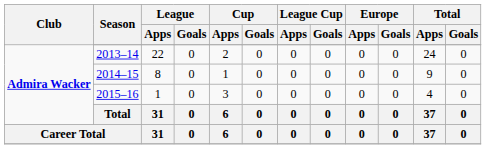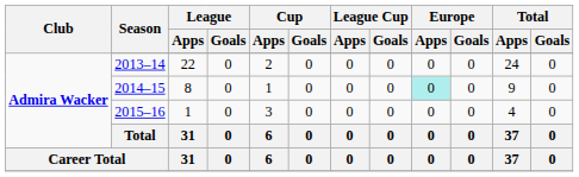 <table class="wikitable" style="font-size:90%; text-align: center;">
 <tr>
 <th rowspan="2">Club</th>
 <th rowspan="2">Season</th>
 <th colspan="2">League</th>
 <th colspan="2">Cup</th>
 <th colspan="2">League Cup</th>
 <th colspan="2">Europe</th>
 <th colspan="2">Total</th>
 </tr>
 <tr>
 <th>Apps</th>
 <th>Goals</th>
 <th>Apps</th>
 <th>Goals</th>
 <th>Apps</th>
 <th>Goals</th>
 <th>Apps</th>
 <th>Goals</th>
 <th>Apps</th>
 <th>Goals</th>
 </tr>
 <tr ||-||-||-|->
 <td rowspan="5" valign="center"><strong><a href='#'>Admira Wacker</a></strong></td>
 </tr>
 <tr>
 <td><a href='#'>2013–14</a></td>
 <td>22</td>
 <td>0</td>
 <td>2</td>
 <td>0</td>
 <td>0</td>
 <td>0</td>
 <td>0</td>
 <td>0</td>
 <td>24</td>
 <td>0</td>
 </tr>
 <tr>
 <td><a href='#'>2014–15</a></td>
 <td>8</td>
 <td>0</td>
 <td>1</td>
 <td>0</td>
 <td>0</td>
 <td>0</td>
-<td>0</td>
+<td style="background: paleturquoise;">0</td>
 <td>0</td>
 <td>9</td>
 <td>0</td>
 </tr>
 <tr>
 <td><a href='#'>2015–16</a></td>
 <td>1</td>
 <td>0</td>
 <td>3</td>
 <td>0</td>
 <td>0</td>
 <td>0</td>
 <td>0</td>
 <td>0</td>
 <td>4</td>
 <td>0</td>
 </tr>
 <tr>
 <th>Total</th>
 <th>31</th>
 <th>0</th>
 <th>6</th>
 <th>0</th>
 <th>0</th>
 <th>0</th>
 <th>0</th>
 <th>0</th>
 <th>37</th>
 <th>0</th>
 </tr>
 <tr>
 <th colspan=2 valign="top">Career Total</th>
 <th>31</th>
 <th>0</th>
 <th>6</th>
 <th>0</th>
 <th>0</th>
 <th>0</th>
 <th>0</th>
 <th>0</th>
 <th>37</th>
 <th>0</th>
 </tr>
 <tr>
 </tr>
 </table>
